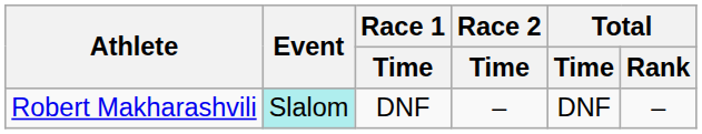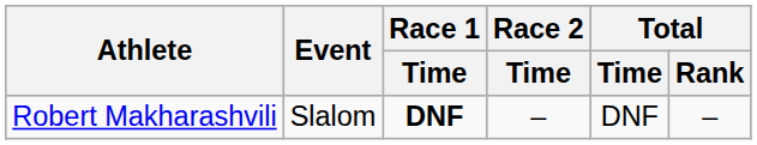 <table class="wikitable" style="font-size:90%">
 <tr>
 <th rowspan="2">Athlete</th>
 <th rowspan="2">Event</th>
 <th>Race 1</th>
 <th>Race 2</th>
 <th colspan="2">Total</th>
 </tr>
 <tr>
 <th>Time</th>
 <th>Time</th>
 <th>Time</th>
 <th>Rank</th>
 </tr>
 <tr>
 <td><a href='#'>Robert Makharashvili</a></td>
-<td style="background: paleturquoise;">Slalom</td>
-<td align="center">DNF</td>
+<td>Slalom</td>
+<td align="center"><strong>DNF</strong></td>
 <td align="center">–</td>
 <td align="center">DNF</td>
 <td align="center">–</td>
 </tr>
 </table>
